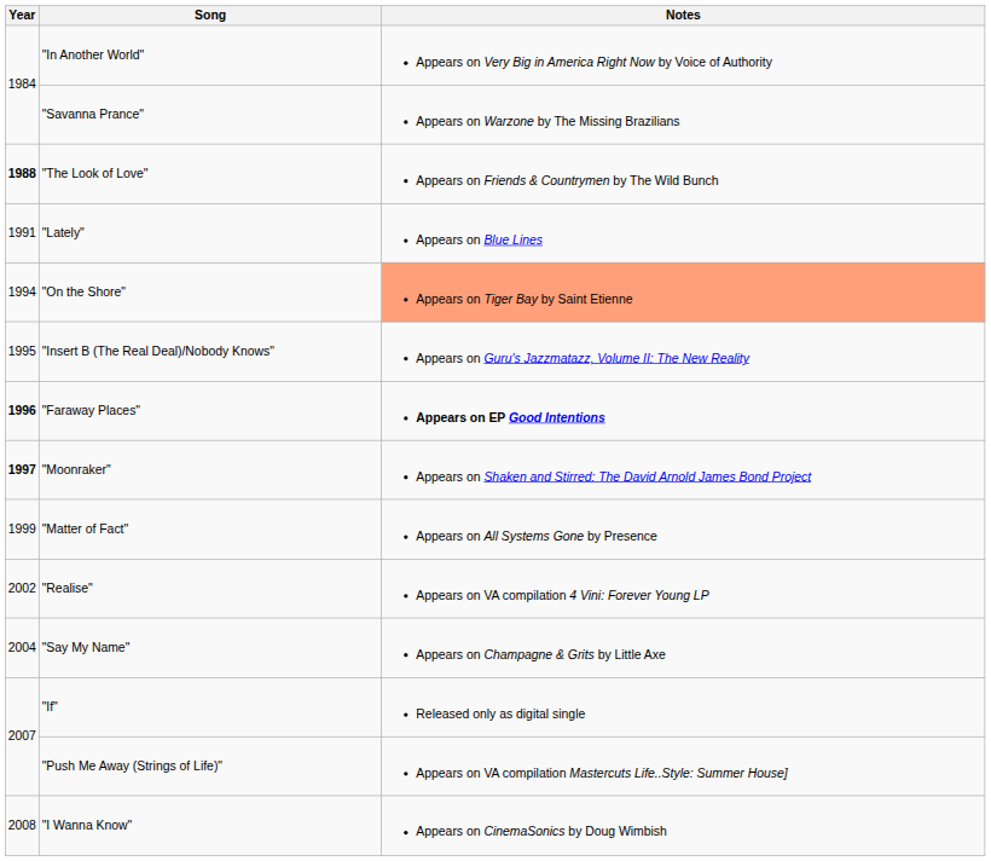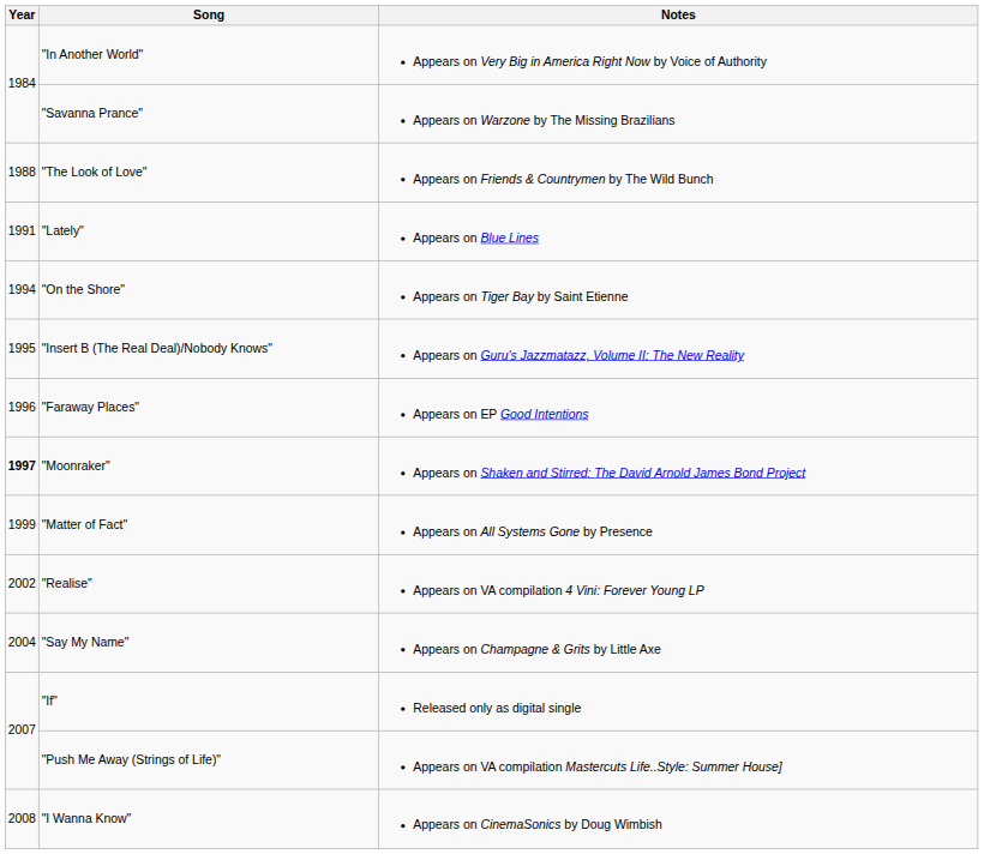 <table class="wikitable" style="float:left;">
 <tr>
 <th width=1%>Year</th>
 <th width=35%>Song</th>
 <th>Notes</th>
 </tr>
 <tr>
 <td rowspan=2 style=text-align:center>1984</td>
 <td>"In Another World" </td>
 <td><br><ul><li>Appears on <em>Very Big in America Right Now</em> by Voice of Authority</li></ul></td>
 </tr>
 <tr>
 <td>"Savanna Prance" </td>
 <td><br><ul><li>Appears on <em>Warzone</em> by The Missing Brazilians</li></ul></td>
 </tr>
 <tr>
-<td style=text-align:center><strong>1988</strong></td>
+<td style=text-align:center>1988</td>
 <td>"The Look of Love" </td>
 <td><br><ul><li>Appears on <em> Friends & Countrymen</em> by The Wild Bunch</li></ul></td>
 </tr>
 <tr>
 <td style=text-align:center>1991</td>
 <td>"Lately" </td>
 <td><br><ul><li>Appears on <em><a href='#'>Blue Lines</a></em></li></ul></td>
 </tr>
 <tr>
 <td style=text-align:center>1994</td>
 <td>"On the Shore" </td>
-<td style="background: lightsalmon;"><br><ul><li>Appears on <em>Tiger Bay</em> by Saint Etienne</li></ul></td>
+<td><br><ul><li>Appears on <em>Tiger Bay</em> by Saint Etienne</li></ul></td>
 </tr>
 <tr>
 <td style=text-align:center>1995</td>
 <td>"Insert B (The Real Deal)/Nobody Knows" </td>
 <td><br><ul><li>Appears on <em><a href='#'>Guru's Jazzmatazz, Volume II: The New Reality</a></em></li></ul></td>
 </tr>
 <tr>
-<td style=text-align:center><strong>1996</strong></td>
+<td style=text-align:center>1996</td>
 <td>"Faraway Places" </td>
-<td><strong><br><ul><li>Appears on EP <em><a href='#'>Good Intentions</a></em></li></ul></strong></td>
+<td><br><ul><li>Appears on EP <em><a href='#'>Good Intentions</a></em></li></ul></td>
 </tr>
 <tr>
 <td style=text-align:center><strong>1997</strong></td>
 <td>"Moonraker" </td>
 <td><br><ul><li>Appears on <em><a href='#'>Shaken and Stirred: The David Arnold James Bond Project</a></em></li></ul></td>
 </tr>
 <tr>
 <td style=text-align:center>1999</td>
 <td>"Matter of Fact" </td>
 <td><br><ul><li>Appears on <em>All Systems Gone</em> by Presence</li></ul></td>
 </tr>
 <tr>
 <td style=text-align:center>2002</td>
 <td>"Realise"</td>
 <td><br><ul><li>Appears on VA compilation <em>4 Vini: Forever Young LP</em></li></ul></td>
 </tr>
 <tr>
 <td style=text-align:center>2004</td>
 <td>"Say My Name" </td>
 <td><br><ul><li>Appears on <em>Champagne & Grits</em> by Little Axe</li></ul></td>
 </tr>
 <tr>
 <td style=text-align:center rowspan=2>2007</td>
 <td>"If"</td>
 <td><br><ul><li>Released only as digital single</li></ul></td>
 </tr>
 <tr>
 <td>"Push Me Away (Strings of Life)" </td>
 <td><br><ul><li>Appears on VA compilation <em>Mastercuts Life..Style: Summer House]</em></li></ul></td>
 </tr>
 <tr>
 <td style=text-align:center>2008</td>
 <td>"I Wanna Know" </td>
 <td><br><ul><li>Appears on <em>CinemaSonics</em> by Doug Wimbish</li></ul></td>
 </tr>
 </table>
